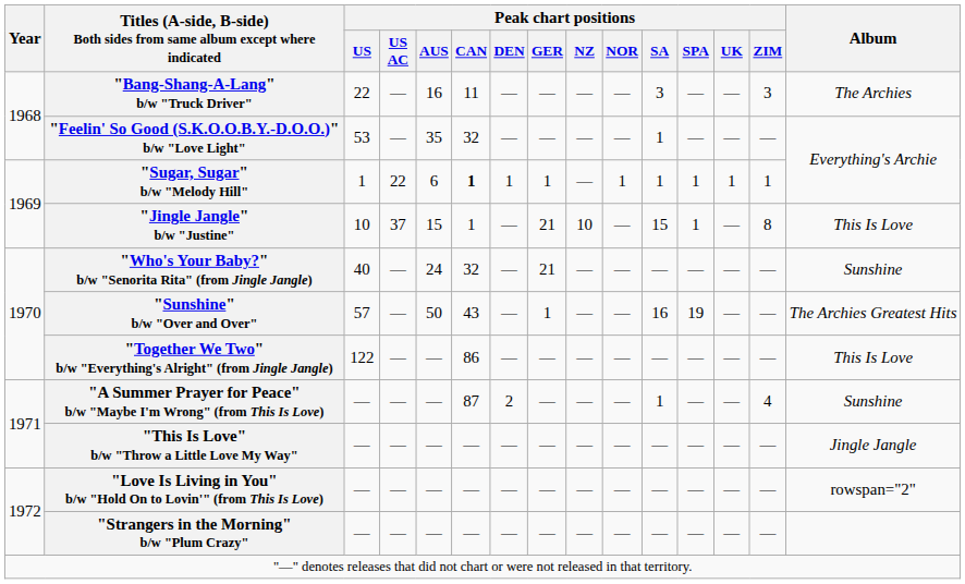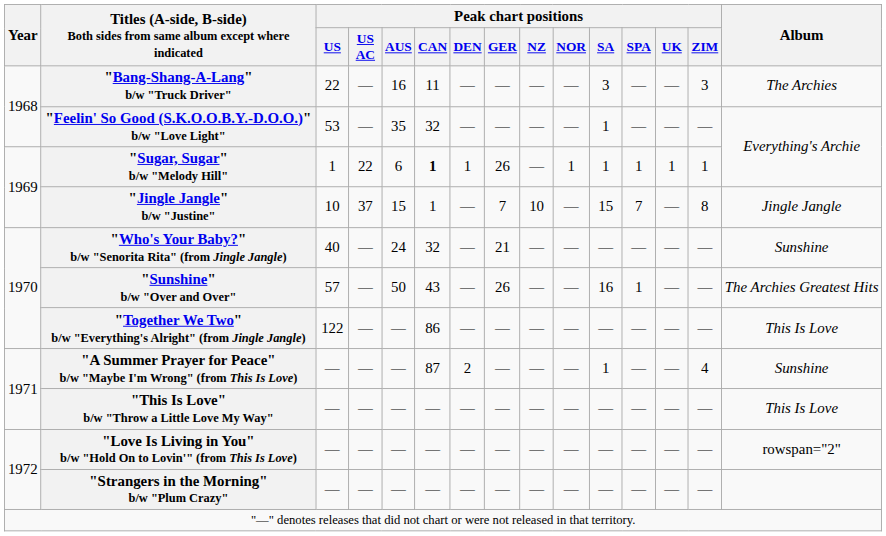 <table class="wikitable plainrowheaders" style="text-align:center;">
 <tr>
 <th scope="col" rowspan="2" style="width:2em;">Year</th>
 <th scope="col" rowspan="2" style="width:18em;">Titles (A-side, B-side)<br><small>Both sides from same album except where indicated</small></th>
 <th colspan="12" scope="col">Peak chart positions</th>
 <th scope="col" rowspan="2">Album</th>
 </tr>
 <tr>
 <th scope="col" style="width:2em;font-size:90%;"><a href='#'>US</a><br></th>
 <th scope="col" style="width:2em;font-size:90%;"><a href='#'>US AC</a><br></th>
 <th scope="col" style="width:2em;font-size:90%;"><a href='#'>AUS</a><br></th>
 <th scope="col" style="width:2em;font-size:90%;"><a href='#'>CAN</a><br></th>
 <th scope="col" style="width:2em;font-size:90%;"><a href='#'>DEN</a><br></th>
 <th scope="col" style="width:2em;font-size:90%;"><a href='#'>GER</a><br></th>
 <th scope="col" style="width:2em;font-size:90%;"><a href='#'>NZ</a></th>
 <th scope="col" style="width:2em;font-size:90%;"><a href='#'>NOR</a></th>
 <th scope="col" style="width:2em;font-size:90%;"><a href='#'>SA</a><br></th>
 <th scope="col" style="width:2em;font-size:90%;"><a href='#'>SPA</a><br></th>
 <th scope="col" style="width:2em;font-size:90%;"><a href='#'>UK</a><br></th>
 <th scope="col" style="width:2em;font-size:90%;"><a href='#'>ZIM</a><br></th>
 </tr>
 <tr>
 <td rowspan="2">1968</td>
 <th scope="row">"<a href='#'>Bang-Shang-A-Lang</a>"<br><small>b/w "Truck Driver"</small></th>
 <td>22</td>
 <td>—</td>
 <td>16</td>
 <td>11</td>
 <td>—</td>
 <td>—</td>
 <td>—</td>
 <td>—</td>
 <td>3</td>
 <td>—</td>
 <td>—</td>
 <td>3</td>
 <td><em>The Archies</em></td>
 </tr>
 <tr>
 <th scope="row">"<a href='#'>Feelin' So Good (S.K.O.O.B.Y.-D.O.O.)</a>"<br><small>b/w "Love Light"</small></th>
 <td>53</td>
 <td>—</td>
 <td>35</td>
 <td>32</td>
 <td>—</td>
 <td>—</td>
 <td>—</td>
 <td>—</td>
 <td>1</td>
 <td>—</td>
 <td>—</td>
 <td>—</td>
 <td rowspan="2"><em>Everything's Archie</em></td>
 </tr>
 <tr>
 <td rowspan="2">1969</td>
 <th scope="row">"<a href='#'>Sugar, Sugar</a>"<br><small>b/w "Melody Hill"</small></th>
 <td>1</td>
 <td>22</td>
 <td>6</td>
 <td><strong>1</strong></td>
 <td>1</td>
-<td>1</td>
+<td>26</td>
 <td>—</td>
 <td>1</td>
 <td>1</td>
 <td>1</td>
 <td>1</td>
 <td>1</td>
 </tr>
 <tr>
 <th scope="row">"<a href='#'>Jingle Jangle</a>"<br><small>b/w "Justine"</small></th>
 <td>10</td>
 <td>37</td>
 <td>15</td>
 <td>1</td>
 <td>—</td>
-<td>21</td>
+<td>7</td>
 <td>10</td>
 <td>—</td>
 <td>15</td>
-<td>1</td>
+<td>7</td>
 <td>—</td>
 <td>8</td>
-<td><em>This Is Love</em></td>
+<td><em>Jingle Jangle</em></td>
 </tr>
 <tr>
 <td rowspan="3">1970</td>
 <th scope="row">"<a href='#'>Who's Your Baby?</a>"<br><small>b/w "Senorita Rita" (from <em>Jingle Jangle</em>)</small></th>
 <td>40</td>
 <td>—</td>
 <td>24</td>
 <td>32</td>
 <td>—</td>
 <td>21</td>
 <td>—</td>
 <td>—</td>
 <td>—</td>
 <td>—</td>
 <td>—</td>
 <td>—</td>
 <td><em>Sunshine</em></td>
 </tr>
 <tr>
 <th scope="row">"<a href='#'>Sunshine</a>"<br><small>b/w "Over and Over"</small></th>
 <td>57</td>
 <td>—</td>
 <td>50</td>
 <td>43</td>
 <td>—</td>
-<td>1</td>
+<td>26</td>
 <td>—</td>
 <td>—</td>
 <td>16</td>
-<td>19</td>
+<td>1</td>
 <td>—</td>
 <td>—</td>
 <td><em>The Archies Greatest Hits</em></td>
 </tr>
 <tr>
 <th scope="row">"<a href='#'>Together We Two</a>"<br><small>b/w "Everything's Alright" (from <em>Jingle Jangle</em>)</small></th>
 <td>122</td>
 <td>—</td>
 <td>—</td>
 <td>86</td>
 <td>—</td>
 <td>—</td>
 <td>—</td>
 <td>—</td>
 <td>—</td>
 <td>—</td>
 <td>—</td>
 <td>—</td>
 <td><em>This Is Love</em></td>
 </tr>
 <tr>
 <td rowspan="2">1971</td>
 <th scope="row">"A Summer Prayer for Peace"<br><small>b/w "Maybe I'm Wrong" (from <em>This Is Love</em>)</small></th>
 <td>—</td>
 <td>—</td>
 <td>—</td>
 <td>87</td>
 <td>2</td>
 <td>—</td>
 <td>—</td>
 <td>—</td>
 <td>1</td>
 <td>—</td>
 <td>—</td>
 <td>4</td>
 <td><em>Sunshine</em></td>
 </tr>
 <tr>
 <th scope="row">"This Is Love"<br><small>b/w "Throw a Little Love My Way"</small></th>
 <td>—</td>
 <td>—</td>
 <td>—</td>
 <td>—</td>
 <td>—</td>
 <td>—</td>
 <td>—</td>
 <td>—</td>
 <td>—</td>
 <td>—</td>
 <td>—</td>
 <td>—</td>
-<td><em>Jingle Jangle</em></td>
+<td><em>This Is Love</em></td>
 </tr>
 <tr>
 <td rowspan="2">1972</td>
 <th scope="row">"Love Is Living in You"<br><small>b/w "Hold On to Lovin'" (from <em>This Is Love</em>)</small></th>
 <td>—</td>
 <td>—</td>
 <td>—</td>
 <td>—</td>
 <td>—</td>
 <td>—</td>
 <td>—</td>
 <td>—</td>
 <td>—</td>
 <td>—</td>
 <td>—</td>
 <td>—</td>
 <td>rowspan="2" </td>
 </tr>
 <tr>
 <th scope="row">"Strangers in the Morning"<br><small>b/w "Plum Crazy"</small></th>
 <td>—</td>
 <td>—</td>
 <td>—</td>
 <td>—</td>
 <td>—</td>
 <td>—</td>
 <td>—</td>
 <td>—</td>
 <td>—</td>
 <td>—</td>
 <td>—</td>
 <td>—</td>
 </tr>
 <tr>
 <td colspan="15" style="font-size:85%">"—" denotes releases that did not chart or were not released in that territory.</td>
 </tr>
 </table>
